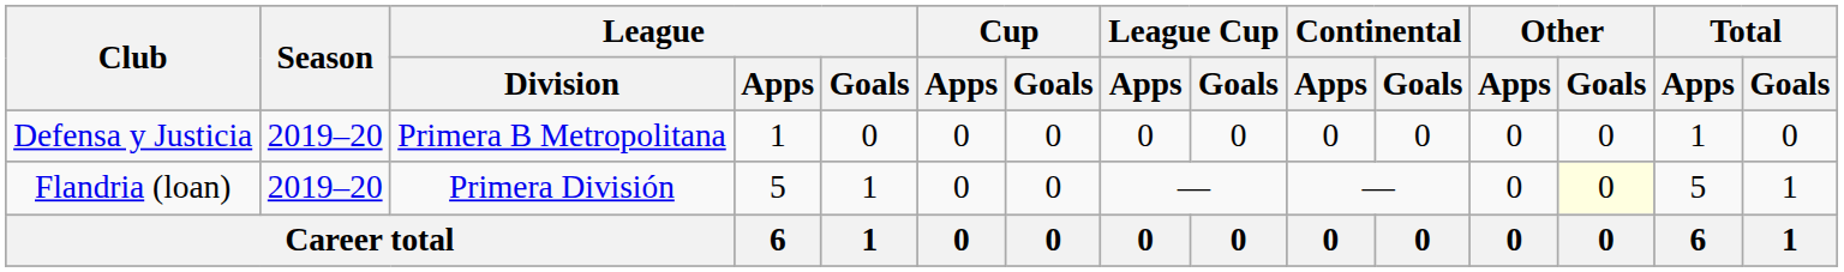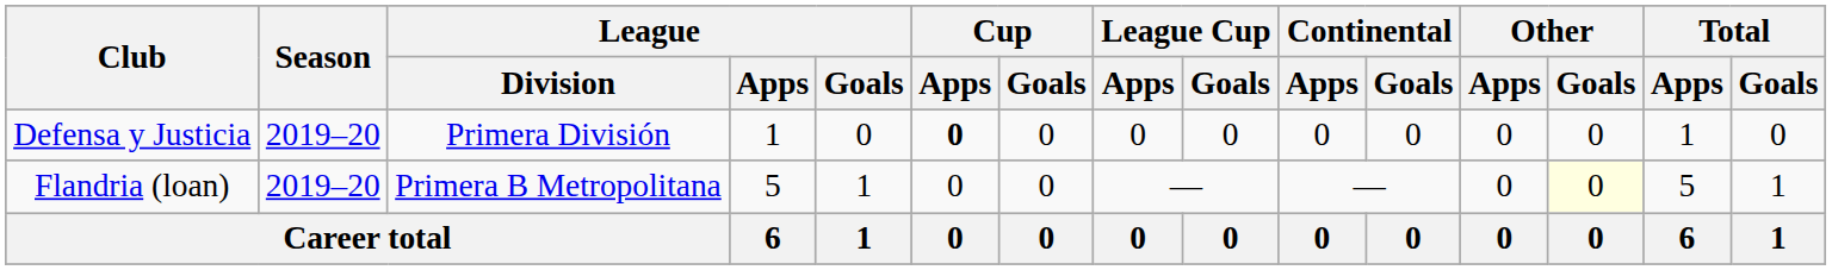 <table class="wikitable" style="text-align:center">
 <tr>
 <th rowspan="2">Club</th>
 <th rowspan="2">Season</th>
 <th colspan="3">League</th>
 <th colspan="2">Cup</th>
 <th colspan="2">League Cup</th>
 <th colspan="2">Continental</th>
 <th colspan="2">Other</th>
 <th colspan="2">Total</th>
 </tr>
 <tr>
 <th>Division</th>
 <th>Apps</th>
 <th>Goals</th>
 <th>Apps</th>
 <th>Goals</th>
 <th>Apps</th>
 <th>Goals</th>
 <th>Apps</th>
 <th>Goals</th>
 <th>Apps</th>
 <th>Goals</th>
 <th>Apps</th>
 <th>Goals</th>
 </tr>
 <tr>
 <td rowspan="1"><a href='#'>Defensa y Justicia</a></td>
 <td><a href='#'>2019–20</a></td>
-<td rowspan="1"><a href='#'>Primera B Metropolitana</a></td>
+<td rowspan="1"><a href='#'>Primera División</a></td>
 <td>1</td>
 <td>0</td>
-<td>0</td>
+<td><strong>0</strong></td>
 <td>0</td>
 <td>0</td>
 <td>0</td>
 <td>0</td>
 <td>0</td>
 <td>0</td>
 <td>0</td>
 <td>1</td>
 <td>0</td>
 </tr>
 <tr>
 <td rowspan="1"><a href='#'>Flandria</a> (loan)</td>
 <td><a href='#'>2019–20</a></td>
-<td rowspan="1"><a href='#'>Primera División</a></td>
+<td rowspan="1"><a href='#'>Primera B Metropolitana</a></td>
 <td>5</td>
 <td>1</td>
 <td>0</td>
 <td>0</td>
 <td colspan="2">—</td>
 <td colspan="2">—</td>
 <td>0</td>
 <td style="background: lightyellow;">0</td>
 <td>5</td>
 <td>1</td>
 </tr>
 <tr>
 <th colspan="3">Career total</th>
 <th>6</th>
 <th>1</th>
 <th>0</th>
 <th>0</th>
 <th>0</th>
 <th>0</th>
 <th>0</th>
 <th>0</th>
 <th>0</th>
 <th>0</th>
 <th>6</th>
 <th>1</th>
 </tr>
 </table>
